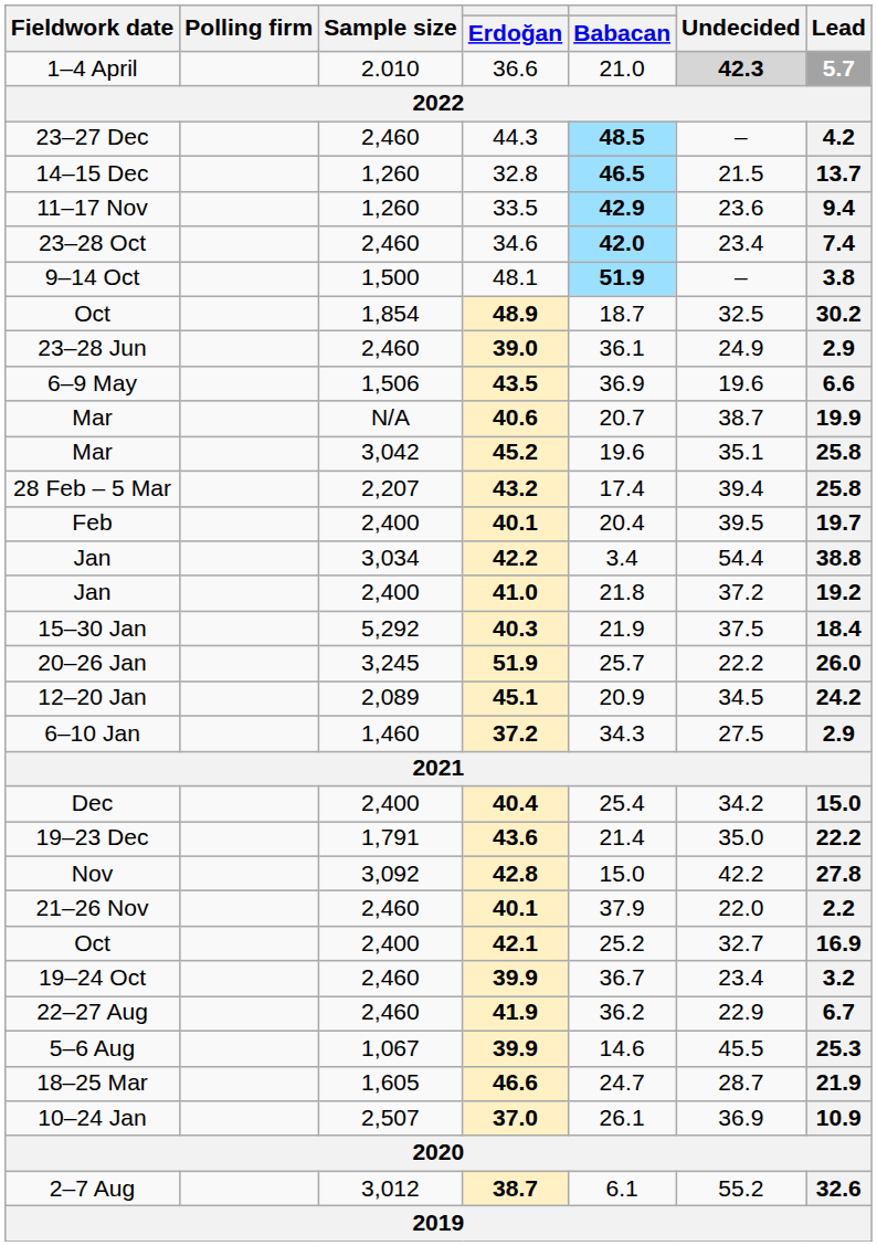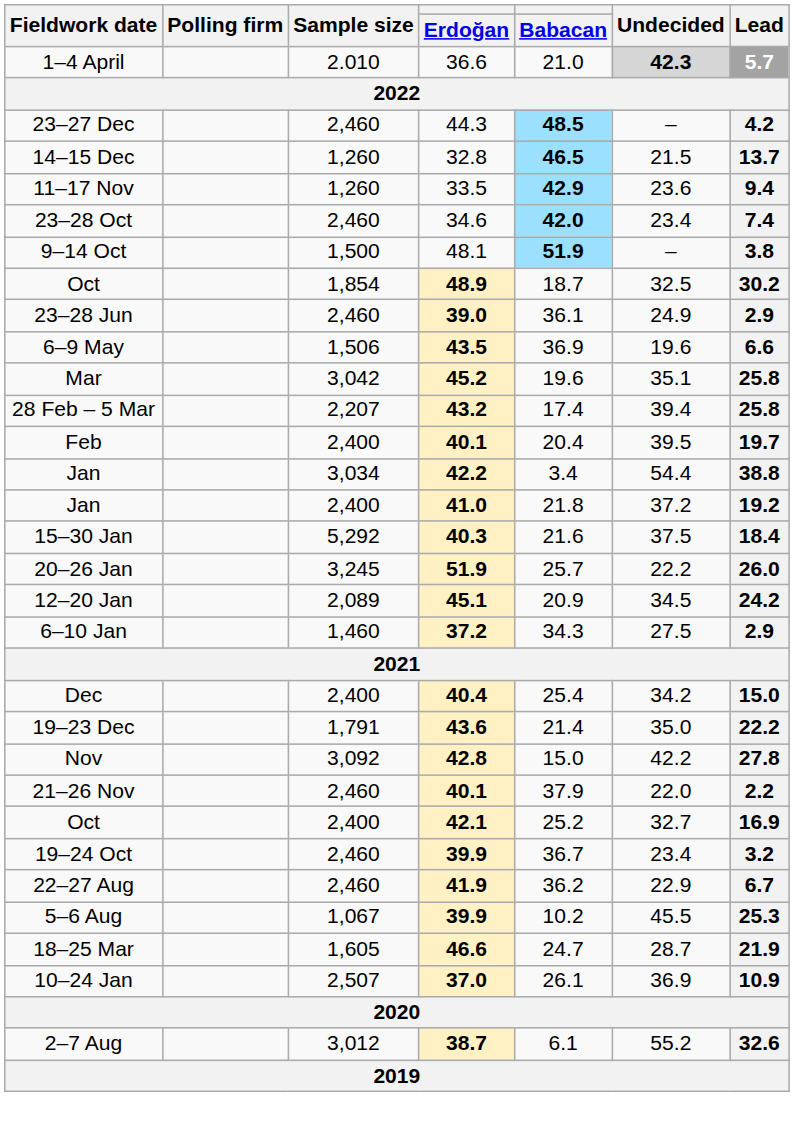 <table class="wikitable mw-datatable mw-collapsible mw-collapsed" style="text-align:center; font-size:85%; line-height:14px;">
 <tr>
 <th rowspan="2">Fieldwork date</th>
 <th rowspan="2">Polling firm</th>
 <th rowspan="2">Sample size</th>
 <th style="background:"></th>
 <th style="background:"></th>
 <th rowspan="2">Undecided</th>
 <th rowspan="2">Lead</th>
 </tr>
 <tr>
 <th><a href='#'>Erdoğan</a><br></th>
 <th><a href='#'>Babacan</a><br></th>
 </tr>
 <tr>
 <td>1–4 April</td>
 <td></td>
 <td>2.010</td>
 <td>36.6</td>
 <td>21.0</td>
 <td style="background:#D6D6D6"><strong>42.3</strong></td>
 <th style="background:#A3A3A3; color:white;">5.7</th>
 </tr>
 <tr>
 <th colspan="7">2022</th>
 </tr>
 <tr>
 <td>23–27 Dec</td>
 <td></td>
 <td>2,460</td>
 <td>44.3</td>
 <td style="background:#9CE0FF"><strong>48.5</strong></td>
 <td>–</td>
 <th class="unsortable" style="background:">4.2</th>
 </tr>
 <tr>
 <td>14–15 Dec</td>
 <td></td>
 <td>1,260</td>
 <td>32.8</td>
 <td style="background:#9CE0FF"><strong>46.5</strong></td>
 <td>21.5</td>
 <th class="unsortable" style="background:">13.7</th>
 </tr>
 <tr>
 <td>11–17 Nov</td>
 <td></td>
 <td>1,260</td>
 <td>33.5</td>
 <td style="background:#9CE0FF"><strong>42.9</strong></td>
 <td>23.6</td>
 <th class="unsortable" style="background:">9.4</th>
 </tr>
 <tr>
 <td>23–28 Oct</td>
 <td></td>
 <td>2,460</td>
 <td>34.6</td>
 <td style="background:#9CE0FF"><strong>42.0</strong></td>
 <td>23.4</td>
 <th style="background:">7.4</th>
 </tr>
 <tr>
 <td>9–14 Oct</td>
 <td></td>
 <td>1,500</td>
 <td>48.1</td>
 <td style="background:#9CE0FF"><strong>51.9</strong></td>
 <td>–</td>
 <th style="background:">3.8</th>
 </tr>
 <tr>
 <td>Oct</td>
 <td></td>
 <td>1,854</td>
 <td style="background:#FFF1C4"><strong>48.9</strong></td>
 <td>18.7</td>
 <td>32.5</td>
 <th style="background:">30.2</th>
 </tr>
 <tr>
 <td>23–28 Jun</td>
 <td></td>
 <td>2,460</td>
 <td style="background:#FFF1C4"><strong>39.0</strong></td>
 <td>36.1</td>
 <td>24.9</td>
 <th style="background:">2.9</th>
 </tr>
 <tr>
 <td>6–9 May</td>
 <td></td>
 <td>1,506</td>
 <td style="background:#FFF1C4"><strong>43.5</strong></td>
 <td>36.9</td>
 <td>19.6</td>
 <th style="background:">6.6</th>
 </tr>
 <tr>
 <td>Mar</td>
 <td></td>
-<td>N/A</td>
-<td style="background:#FFF1C4"><strong>40.6</strong></td>
-<td>20.7</td>
-<td>38.7</td>
-<th style="background:">19.9</th>
-</tr>
-<tr>
-<td>Mar</td>
-<td></td>
 <td>3,042</td>
 <td style="background:#FFF1C4"><strong>45.2</strong></td>
 <td>19.6</td>
 <td>35.1</td>
 <th style="background:">25.8</th>
 </tr>
 <tr>
 <td>28 Feb – 5 Mar</td>
 <td></td>
 <td>2,207</td>
 <td style="background:#FFF1C4"><strong>43.2</strong></td>
 <td>17.4</td>
 <td>39.4</td>
 <th style="background:">25.8</th>
 </tr>
 <tr>
 <td>Feb</td>
 <td></td>
 <td>2,400</td>
 <td style="background:#FFF1C4"><strong>40.1</strong></td>
 <td>20.4</td>
 <td>39.5</td>
 <th style="background:">19.7</th>
 </tr>
 <tr>
 <td>Jan</td>
 <td></td>
 <td>3,034</td>
 <td style="background:#FFF1C4"><strong>42.2</strong></td>
 <td>3.4</td>
 <td>54.4</td>
 <th style="background:">38.8</th>
 </tr>
 <tr>
 <td>Jan</td>
 <td></td>
 <td>2,400</td>
 <td style="background:#FFF1C4"><strong>41.0</strong></td>
 <td>21.8</td>
 <td>37.2</td>
 <th style="background:">19.2</th>
 </tr>
 <tr>
 <td>15–30 Jan</td>
 <td></td>
 <td>5,292</td>
 <td style="background:#FFF1C4"><strong>40.3</strong></td>
-<td>21.9</td>
+<td>21.6</td>
 <td>37.5</td>
 <th style="background:">18.4</th>
 </tr>
 <tr>
 <td>20–26 Jan</td>
 <td></td>
 <td>3,245</td>
 <td style="background:#FFF1C4"><strong>51.9</strong></td>
 <td>25.7</td>
 <td>22.2</td>
 <th style="background:">26.0</th>
 </tr>
 <tr>
 <td>12–20 Jan</td>
 <td></td>
 <td>2,089</td>
 <td style="background:#FFF1C4"><strong>45.1</strong></td>
 <td>20.9</td>
 <td>34.5</td>
 <th style="background:">24.2</th>
 </tr>
 <tr>
 <td>6–10 Jan</td>
 <td></td>
 <td>1,460</td>
 <td style="background:#FFF1C4"><strong>37.2</strong></td>
 <td>34.3</td>
 <td>27.5</td>
 <th style="background:">2.9</th>
 </tr>
 <tr>
 <th colspan=7>2021</th>
 </tr>
 <tr>
 <td>Dec</td>
 <td></td>
 <td>2,400</td>
 <td style="background:#FFF1C4"><strong>40.4</strong></td>
 <td>25.4</td>
 <td>34.2</td>
 <th style="background:">15.0</th>
 </tr>
 <tr>
 <td>19–23 Dec</td>
 <td></td>
 <td>1,791</td>
 <td style="background:#FFF1C4"><strong>43.6</strong></td>
 <td>21.4</td>
 <td>35.0</td>
 <th style="background:">22.2</th>
 </tr>
 <tr>
 <td>Nov</td>
 <td></td>
 <td>3,092</td>
 <td style="background:#FFF1C4"><strong>42.8</strong></td>
 <td>15.0</td>
 <td>42.2</td>
 <th style="background:">27.8</th>
 </tr>
 <tr>
 <td>21–26 Nov</td>
 <td></td>
 <td>2,460</td>
 <td style="background:#FFF1C4"><strong>40.1</strong></td>
 <td>37.9</td>
 <td>22.0</td>
 <th style="background:">2.2</th>
 </tr>
 <tr>
 <td>Oct</td>
 <td></td>
 <td>2,400</td>
 <td style="background:#FFF1C4"><strong>42.1</strong></td>
 <td>25.2</td>
 <td>32.7</td>
 <th style="background:">16.9</th>
 </tr>
 <tr>
 <td>19–24 Oct</td>
 <td></td>
 <td>2,460</td>
 <td style="background:#FFF1C4"><strong>39.9</strong></td>
 <td>36.7</td>
 <td>23.4</td>
 <th style="background:">3.2</th>
 </tr>
 <tr>
 <td>22–27 Aug</td>
 <td></td>
 <td>2,460</td>
 <td style="background:#FFF1C4"><strong>41.9</strong></td>
 <td>36.2</td>
 <td>22.9</td>
 <th style="background:">6.7</th>
 </tr>
 <tr>
 <td>5–6 Aug</td>
 <td></td>
 <td>1,067</td>
 <td style="background:#FFF1C4"><strong>39.9</strong></td>
-<td>14.6</td>
+<td>10.2</td>
 <td>45.5</td>
 <th style="background:">25.3</th>
 </tr>
 <tr>
 <td>18–25 Mar</td>
 <td></td>
 <td>1,605</td>
 <td style="background:#FFF1C4"><strong>46.6</strong></td>
 <td>24.7</td>
 <td>28.7</td>
 <th style="background:">21.9</th>
 </tr>
 <tr>
 <td>10–24 Jan</td>
 <td></td>
 <td>2,507</td>
 <td style="background:#FFF1C4"><strong>37.0</strong></td>
 <td>26.1</td>
 <td>36.9</td>
 <th style="background:">10.9</th>
 </tr>
 <tr>
 <th colspan=7>2020</th>
 </tr>
 <tr>
 <td>2–7 Aug</td>
 <td></td>
 <td>3,012</td>
 <td style="background:#FFF1C4"><strong>38.7</strong></td>
 <td>6.1</td>
 <td>55.2</td>
 <th style="background:">32.6</th>
 </tr>
 <tr>
 <th colspan=7>2019</th>
 </tr>
 </table>
